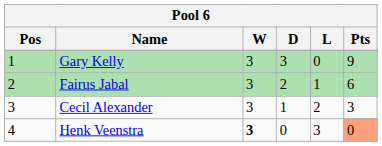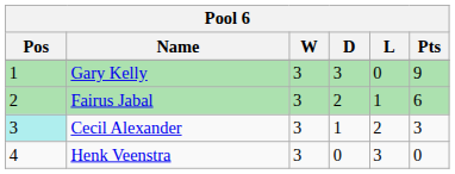 <table class="wikitable">
 <tr>
 <th colspan="6">Pool 6</th>
 </tr>
 <tr>
 <th width=50>Pos</th>
 <th width=200>Name</th>
 <th width=30>W</th>
 <th width=30>D</th>
 <th width=30>L</th>
 <th width=30>Pts</th>
 </tr>
 <tr>
 </tr>
 <tr style="background:#ACE1AF;">
 <td>1</td>
 <td> <a href='#'>Gary Kelly</a></td>
 <td>3</td>
 <td>3</td>
 <td>0</td>
 <td>9</td>
 </tr>
 <tr style="background:#ACE1AF;">
 <td>2</td>
 <td> <a href='#'>Fairus Jabal</a></td>
 <td>3</td>
 <td>2</td>
 <td>1</td>
 <td>6</td>
 </tr>
 <tr>
-<td>3</td>
+<td style="background: paleturquoise;">3</td>
 <td> <a href='#'>Cecil Alexander</a></td>
 <td>3</td>
 <td>1</td>
 <td>2</td>
 <td>3</td>
 </tr>
 <tr>
 <td>4</td>
 <td> <a href='#'>Henk Veenstra</a></td>
-<td><strong>3</strong></td>
+<td>3</td>
 <td>0</td>
 <td>3</td>
-<td style="background: lightsalmon;">0</td>
+<td>0</td>
 </tr>
 </table>
